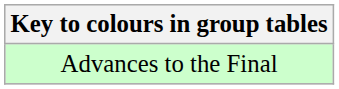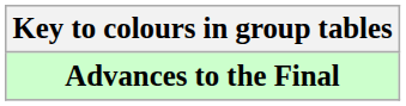 <table class="wikitable">
 <tr>
 <th>Key to colours in group tables</th>
 </tr>
 <tr bgcolor=ccffcc>
-<td align=center>Advances to the Final</td>
+<td align=center><strong>Advances to the Final</strong></td>
 </tr>
 </table>
